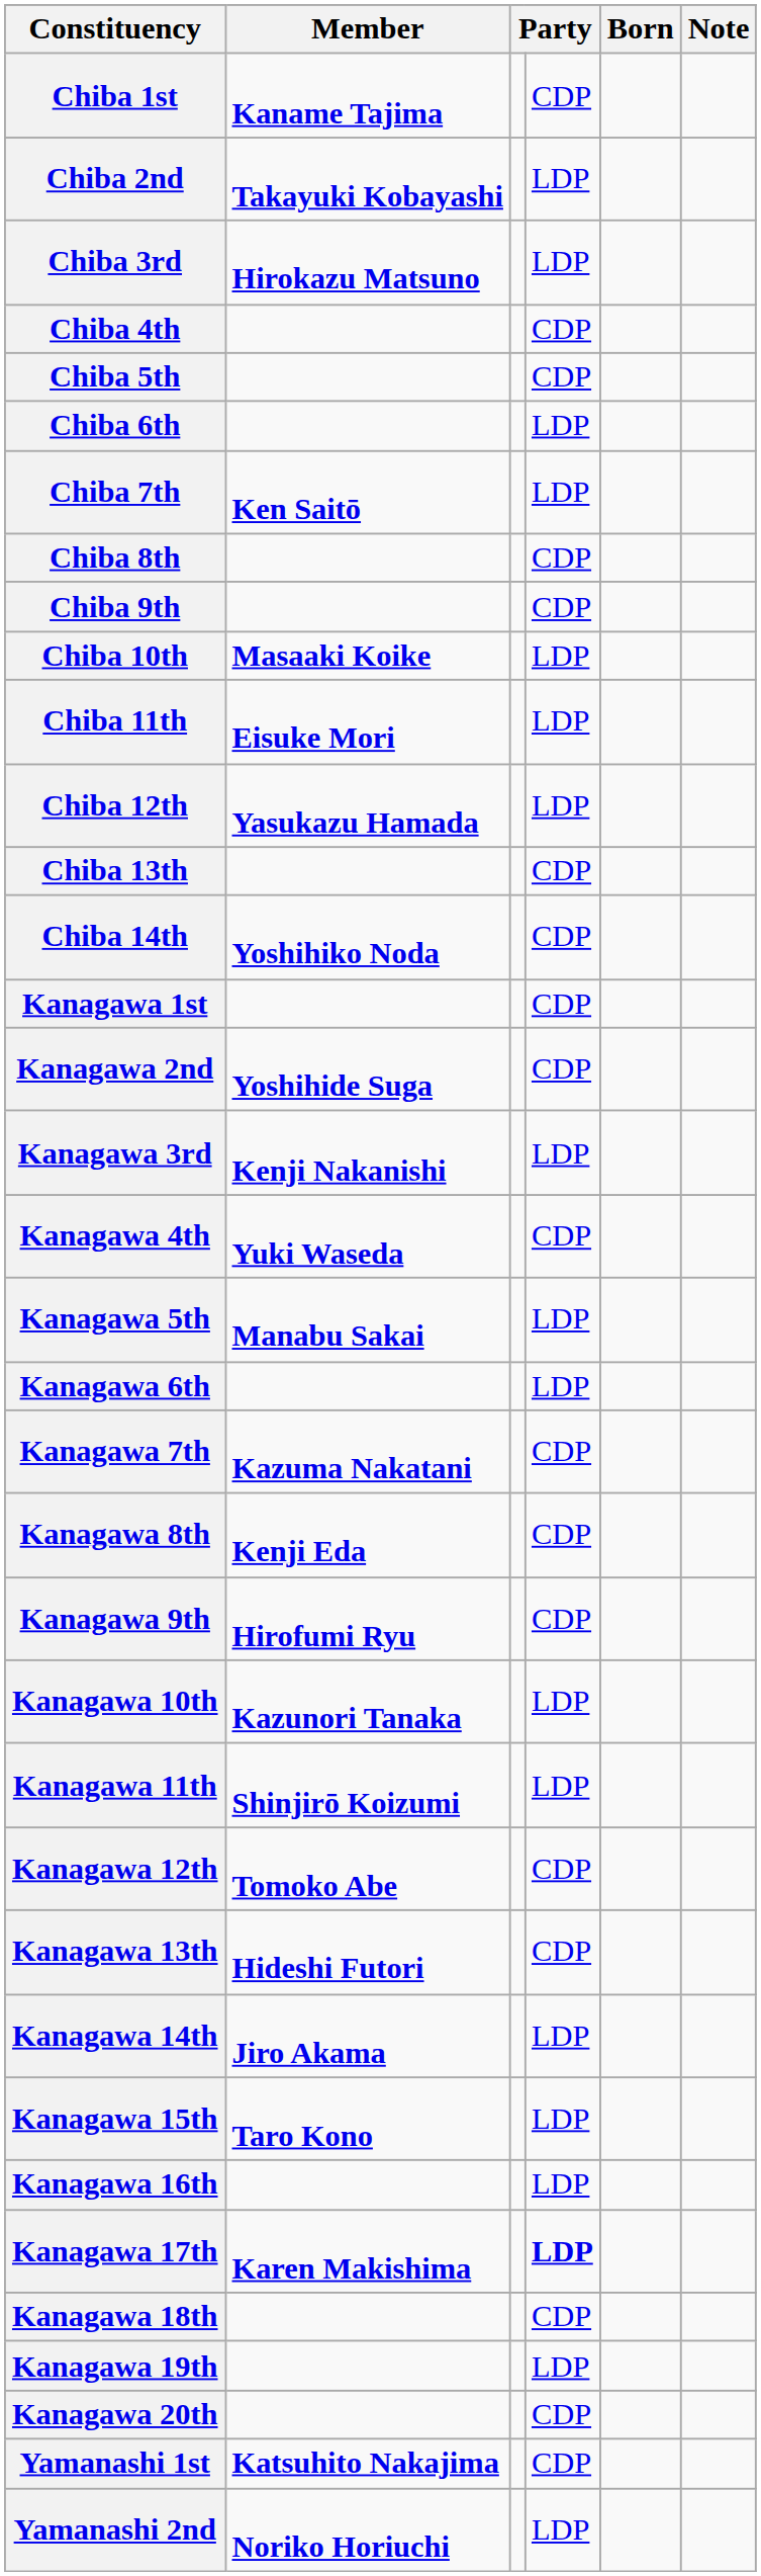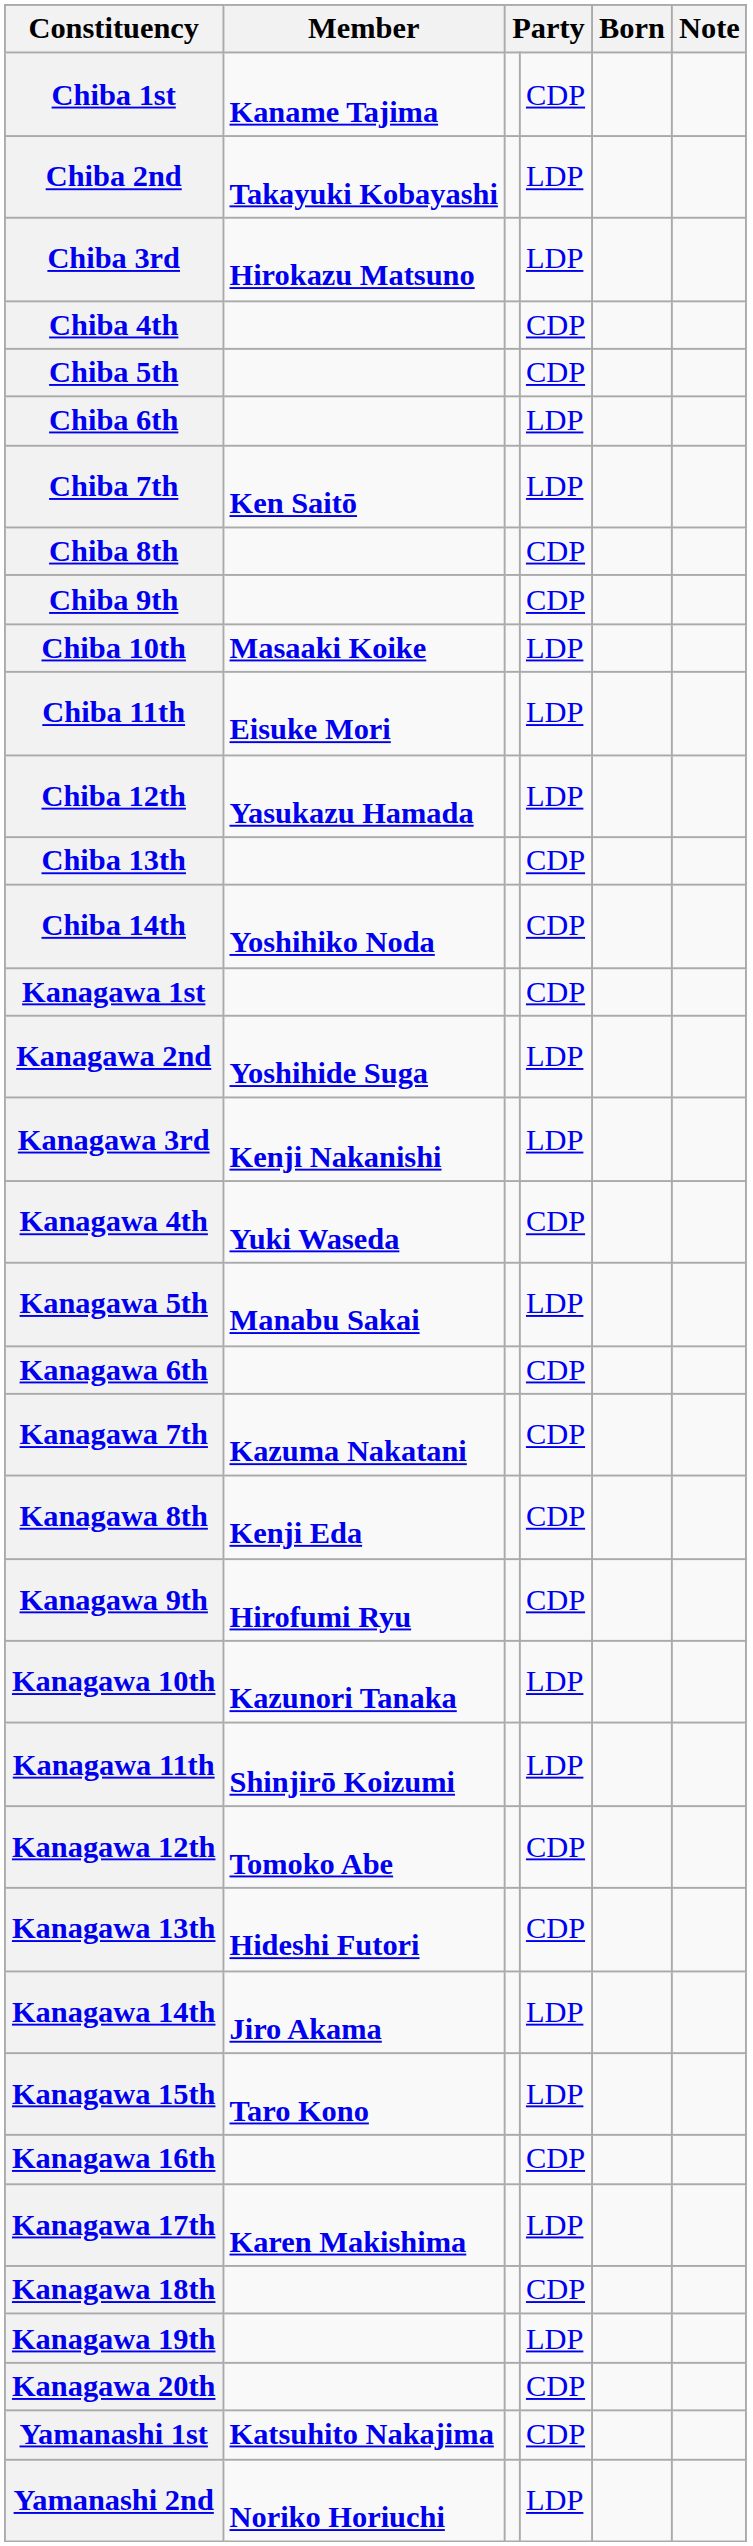 <table class="wikitable sortable plainrowheaders" id="votingmembers">
 <tr style="vertical-align:bottom">
 <th>Constituency</th>
 <th>Member</th>
 <th colspan=2>Party</th>
 <th>Born</th>
 <th class=unsortable>Note</th>
 </tr>
 <tr>
 <th><a href='#'>Chiba 1st</a></th>
 <td><br><strong><a href='#'>Kaname Tajima</a></strong></td>
 <td style="background-color:"></td>
 <td><a href='#'>CDP</a></td>
 <td></td>
 <td></td>
 </tr>
 <tr>
 <th><a href='#'>Chiba 2nd</a></th>
 <td><br><strong><a href='#'>Takayuki Kobayashi</a></strong></td>
 <td style="background-color:"></td>
 <td><a href='#'>LDP</a></td>
 <td></td>
 <td></td>
 </tr>
 <tr>
 <th><a href='#'>Chiba 3rd</a></th>
 <td><br><strong><a href='#'>Hirokazu Matsuno</a></strong></td>
 <td style="background-color:"></td>
 <td><a href='#'>LDP</a></td>
 <td></td>
 <td></td>
 </tr>
 <tr>
 <th><a href='#'>Chiba 4th</a></th>
 <td><br><strong></strong></td>
 <td style="background-color:"></td>
 <td><a href='#'>CDP</a></td>
 <td></td>
 <td></td>
 </tr>
 <tr>
 <th><a href='#'>Chiba 5th</a></th>
 <td><strong></strong></td>
 <td style="background-color:"></td>
 <td><a href='#'>CDP</a></td>
 <td></td>
 <td></td>
 </tr>
 <tr>
 <th><a href='#'>Chiba 6th</a></th>
 <td><strong></strong></td>
 <td style="background-color:"></td>
 <td><a href='#'>LDP</a></td>
 <td></td>
 <td></td>
 </tr>
 <tr>
 <th><a href='#'>Chiba 7th</a></th>
 <td><br><strong><a href='#'>Ken Saitō</a></strong></td>
 <td style="background-color:"></td>
 <td><a href='#'>LDP</a></td>
 <td></td>
 <td></td>
 </tr>
 <tr>
 <th><a href='#'>Chiba 8th</a></th>
 <td><strong></strong></td>
 <td style="background-color:"></td>
 <td><a href='#'>CDP</a></td>
 <td></td>
 <td></td>
 </tr>
 <tr>
 <th><a href='#'>Chiba 9th</a></th>
 <td><br><strong></strong></td>
 <td style="background-color:"></td>
 <td><a href='#'>CDP</a></td>
 <td></td>
 <td></td>
 </tr>
 <tr>
 <th><a href='#'>Chiba 10th</a></th>
 <td><strong><a href='#'>Masaaki Koike</a></strong></td>
 <td style="background-color:"></td>
 <td><a href='#'>LDP</a></td>
 <td></td>
 <td></td>
 </tr>
 <tr>
 <th><a href='#'>Chiba 11th</a></th>
 <td><br><strong><a href='#'>Eisuke Mori</a></strong></td>
 <td style="background-color:"></td>
 <td><a href='#'>LDP</a></td>
 <td></td>
 <td></td>
 </tr>
 <tr>
 <th><a href='#'>Chiba 12th</a></th>
 <td><br><strong><a href='#'>Yasukazu Hamada</a></strong></td>
 <td style="background-color:"></td>
 <td><a href='#'>LDP</a></td>
 <td></td>
 <td></td>
 </tr>
 <tr>
 <th><a href='#'>Chiba 13th</a></th>
 <td><br><strong></strong></td>
 <td style="background-color:"></td>
 <td><a href='#'>CDP</a></td>
 <td></td>
 <td></td>
 </tr>
 <tr>
 <th><a href='#'>Chiba 14th</a></th>
 <td><br><strong><a href='#'>Yoshihiko Noda</a></strong></td>
 <td style="background-color:"></td>
 <td><a href='#'>CDP</a></td>
 <td></td>
 <td></td>
 </tr>
 <tr>
 <th><a href='#'>Kanagawa 1st</a></th>
 <td><br><strong></strong></td>
 <td style="background-color:"></td>
 <td><a href='#'>CDP</a></td>
 <td></td>
 <td></td>
 </tr>
 <tr>
 <th><a href='#'>Kanagawa 2nd</a></th>
 <td><br><strong><a href='#'>Yoshihide Suga</a></strong></td>
 <td style="background-color:"></td>
-<td><a href='#'>CDP</a></td>
+<td><a href='#'>LDP</a></td>
 <td></td>
 <td></td>
 </tr>
 <tr>
 <th><a href='#'>Kanagawa 3rd</a></th>
 <td><br><strong><a href='#'>Kenji Nakanishi</a></strong></td>
 <td style="background-color:"></td>
 <td><a href='#'>LDP</a></td>
 <td></td>
 <td></td>
 </tr>
 <tr>
 <th><a href='#'>Kanagawa 4th</a></th>
 <td><br><strong><a href='#'>Yuki Waseda</a></strong></td>
 <td style="background-color:"></td>
 <td><a href='#'>CDP</a></td>
 <td></td>
 <td></td>
 </tr>
 <tr>
 <th><a href='#'>Kanagawa 5th</a></th>
 <td><br><strong><a href='#'>Manabu Sakai</a></strong></td>
 <td style="background-color:"></td>
 <td><a href='#'>LDP</a></td>
 <td></td>
 <td></td>
 </tr>
 <tr>
 <th><a href='#'>Kanagawa 6th</a></th>
 <td><br><strong></strong></td>
 <td style="background-color:"></td>
-<td><a href='#'>LDP</a></td>
+<td><a href='#'>CDP</a></td>
 <td></td>
 <td></td>
 </tr>
 <tr>
 <th><a href='#'>Kanagawa 7th</a></th>
 <td><br><strong><a href='#'>Kazuma Nakatani</a></strong></td>
 <td style="background-color:"></td>
 <td><a href='#'>CDP</a></td>
 <td></td>
 <td></td>
 </tr>
 <tr>
 <th><a href='#'>Kanagawa 8th</a></th>
 <td><br><strong><a href='#'>Kenji Eda</a></strong></td>
 <td style="background-color:"></td>
 <td><a href='#'>CDP</a></td>
 <td></td>
 <td></td>
 </tr>
 <tr>
 <th><a href='#'>Kanagawa 9th</a></th>
 <td><br><strong><a href='#'>Hirofumi Ryu</a></strong></td>
 <td style="background-color:"></td>
 <td><a href='#'>CDP</a></td>
 <td></td>
 <td></td>
 </tr>
 <tr>
 <th><a href='#'>Kanagawa 10th</a></th>
 <td><br><strong><a href='#'>Kazunori Tanaka</a></strong></td>
 <td style="background-color:"></td>
 <td><a href='#'>LDP</a></td>
 <td></td>
 <td></td>
 </tr>
 <tr>
 <th><a href='#'>Kanagawa 11th</a></th>
 <td><br><strong><a href='#'>Shinjirō Koizumi</a></strong></td>
 <td style="background-color:"></td>
 <td><a href='#'>LDP</a></td>
 <td></td>
 <td></td>
 </tr>
 <tr>
 <th><a href='#'>Kanagawa 12th</a></th>
 <td><br><strong><a href='#'>Tomoko Abe</a></strong></td>
 <td style="background-color:"></td>
 <td><a href='#'>CDP</a></td>
 <td></td>
 <td></td>
 </tr>
 <tr>
 <th><a href='#'>Kanagawa 13th</a></th>
 <td><br><strong><a href='#'>Hideshi Futori</a></strong></td>
 <td style="background-color:"></td>
 <td><a href='#'>CDP</a></td>
 <td></td>
 <td></td>
 </tr>
 <tr>
 <th><a href='#'>Kanagawa 14th</a></th>
 <td><br><strong><a href='#'>Jiro Akama</a></strong></td>
 <td style="background-color:"></td>
 <td><a href='#'>LDP</a></td>
 <td></td>
 <td></td>
 </tr>
 <tr>
 <th><a href='#'>Kanagawa 15th</a></th>
 <td><br><strong><a href='#'>Taro Kono</a></strong></td>
 <td style="background-color:"></td>
 <td><a href='#'>LDP</a></td>
 <td></td>
 <td></td>
 </tr>
 <tr>
 <th><a href='#'>Kanagawa 16th</a></th>
 <td><br><strong></strong></td>
 <td style="background-color:"></td>
-<td><a href='#'>LDP</a></td>
+<td><a href='#'>CDP</a></td>
 <td></td>
 <td></td>
 </tr>
 <tr>
 <th><a href='#'>Kanagawa 17th</a></th>
 <td><br><strong><a href='#'>Karen Makishima</a></strong></td>
 <td style="background-color:"></td>
-<td><strong><a href='#'>LDP</a></strong></td>
+<td><a href='#'>LDP</a></td>
 <td></td>
 <td></td>
 </tr>
 <tr>
 <th><a href='#'>Kanagawa 18th</a></th>
 <td><strong></strong></td>
 <td style="background-color:"></td>
 <td><a href='#'>CDP</a></td>
 <td></td>
 <td></td>
 </tr>
 <tr>
 <th><a href='#'>Kanagawa 19th</a></th>
 <td><strong></strong></td>
 <td style="background-color:"></td>
 <td><a href='#'>LDP</a></td>
 <td></td>
 <td></td>
 </tr>
 <tr>
 <th><a href='#'>Kanagawa 20th</a></th>
 <td><strong></strong></td>
 <td style="background-color:"></td>
 <td><a href='#'>CDP</a></td>
 <td></td>
 <td></td>
 </tr>
 <tr>
 <th><a href='#'>Yamanashi 1st</a></th>
 <td><strong><a href='#'>Katsuhito Nakajima</a></strong></td>
 <td style="background-color:"></td>
 <td><a href='#'>CDP</a></td>
 <td></td>
 <td></td>
 </tr>
 <tr>
 <th><a href='#'>Yamanashi 2nd</a></th>
 <td><br><strong><a href='#'>Noriko Horiuchi</a></strong></td>
 <td style="background-color:"></td>
 <td><a href='#'>LDP</a></td>
 <td></td>
 <td></td>
 </tr>
 </table>
